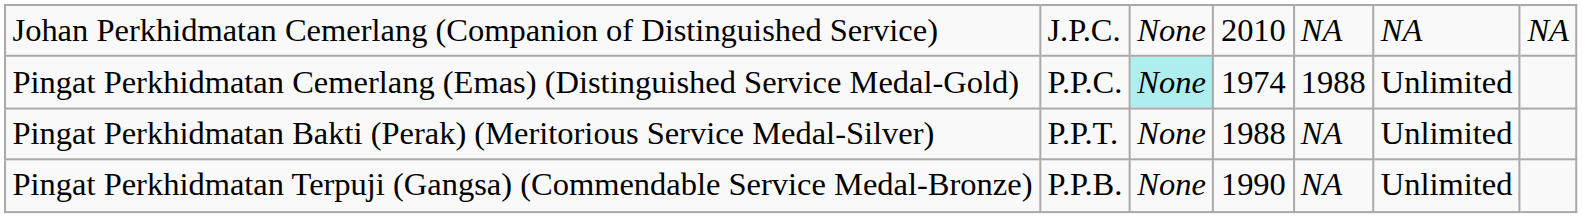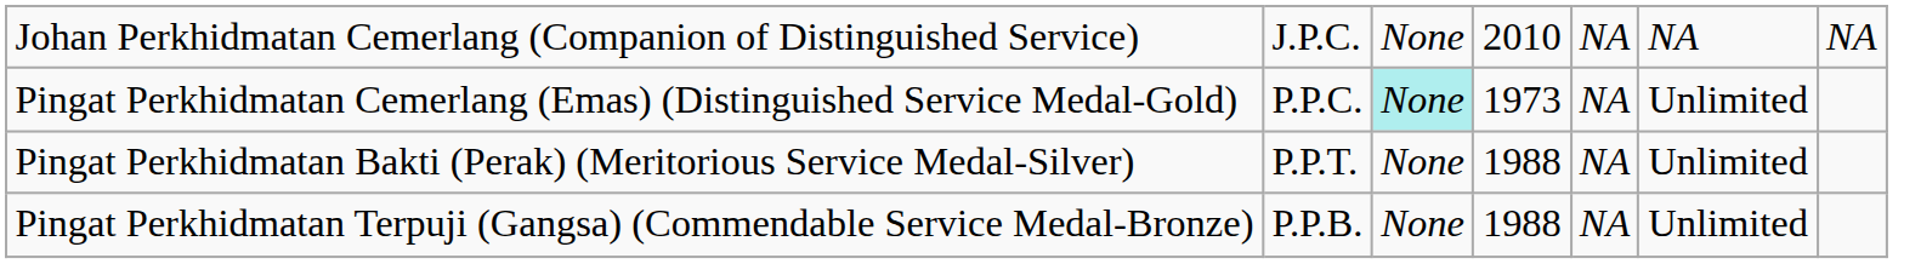 <table class="wikitable">
 <tr>
 <td>Johan Perkhidmatan Cemerlang (Companion of Distinguished Service)</td>
 <td>J.P.C.</td>
 <td><em>None</em></td>
 <td>2010</td>
 <td><em>NA</em></td>
 <td><em>NA</em></td>
 <td><em>NA</em></td>
 </tr>
 <tr>
 <td>Pingat Perkhidmatan Cemerlang (Emas) (Distinguished Service Medal-Gold)</td>
 <td>P.P.C.</td>
 <td style="background: paleturquoise;"><em>None</em></td>
-<td>1974</td>
-<td>1988</td>
+<td>1973</td>
+<td><em>NA</em></td>
 <td>Unlimited</td>
 <td></td>
 </tr>
 <tr>
 <td>Pingat Perkhidmatan Bakti (Perak) (Meritorious Service Medal-Silver)</td>
 <td>P.P.T.</td>
 <td><em>None</em></td>
 <td>1988</td>
 <td><em>NA</em></td>
 <td>Unlimited</td>
 <td></td>
 </tr>
 <tr>
 <td>Pingat Perkhidmatan Terpuji (Gangsa) (Commendable Service Medal-Bronze)</td>
 <td>P.P.B.</td>
 <td><em>None</em></td>
-<td>1990</td>
+<td>1988</td>
 <td><em>NA</em></td>
 <td>Unlimited</td>
 <td></td>
 </tr>
 </table>
